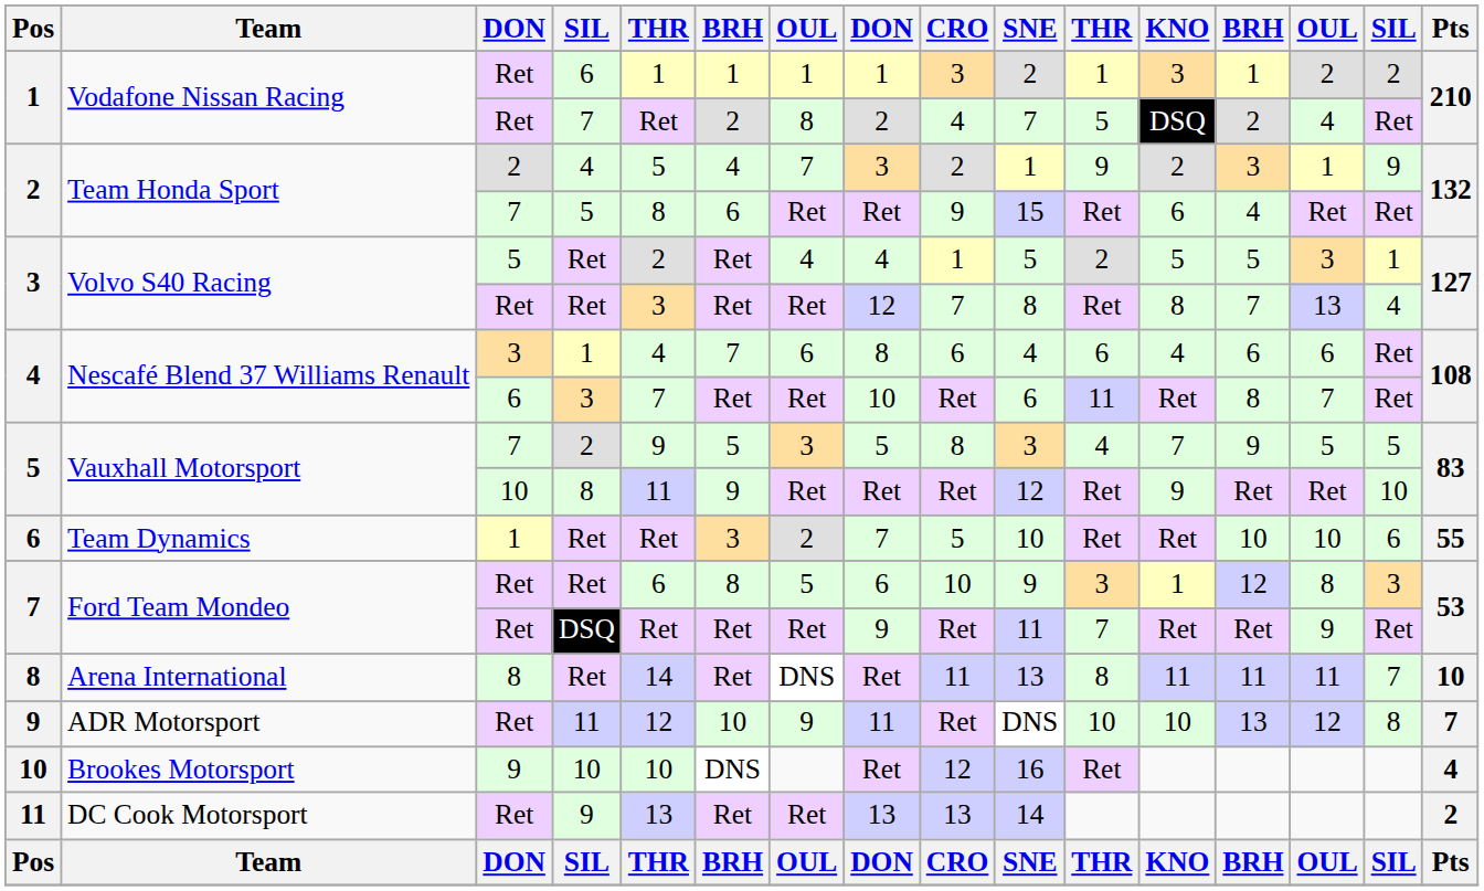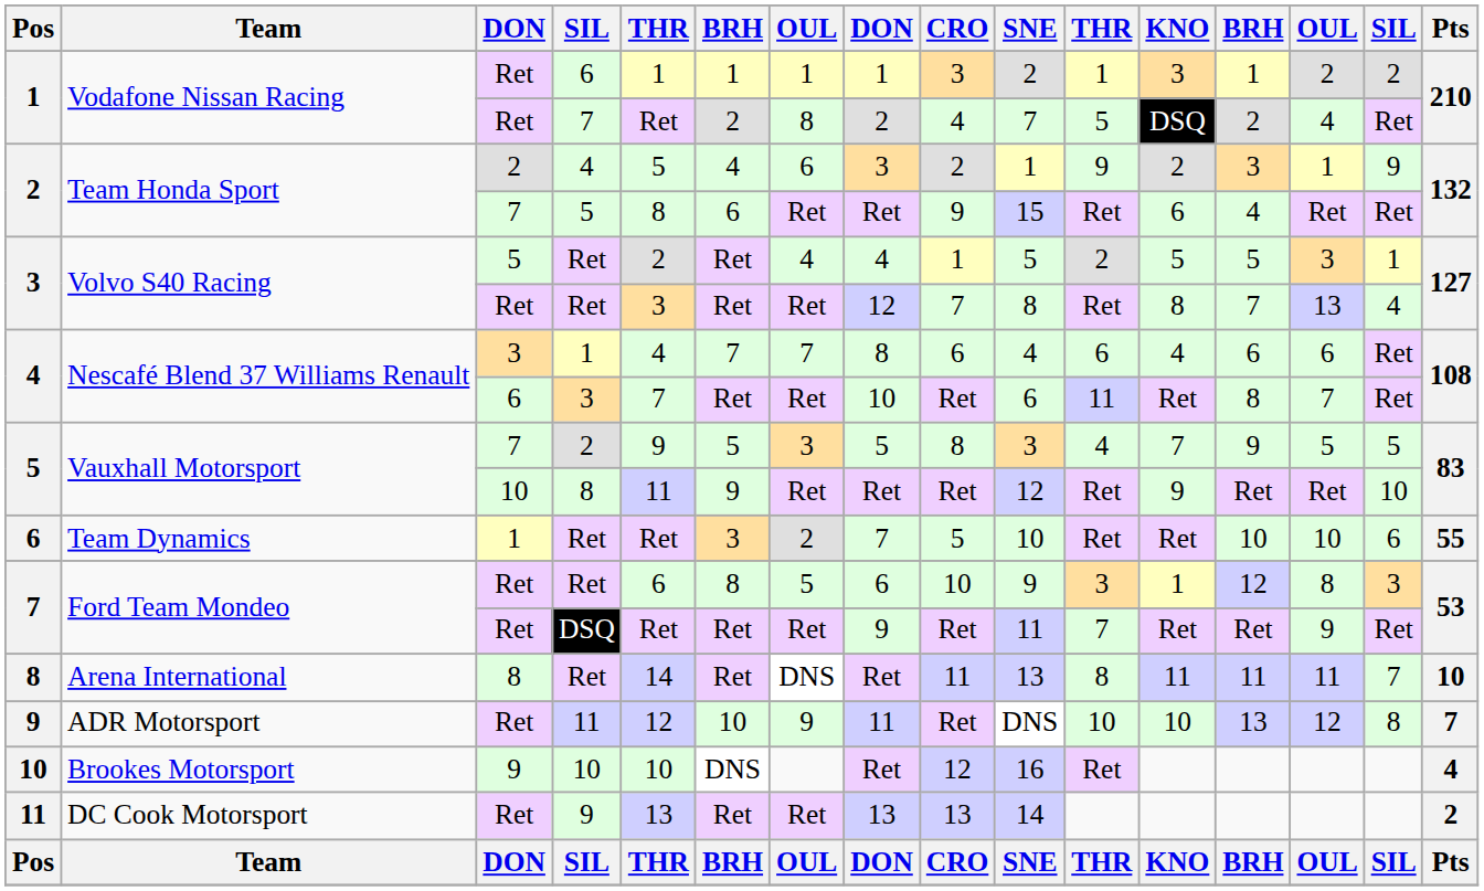 <table class="wikitable" style="font-size: 85%; text-align: center;">
 <tr valign="top">
 <th valign="middle">Pos</th>
 <th valign="middle">Team</th>
 <th><a href='#'>DON</a></th>
 <th><a href='#'>SIL</a></th>
 <th><a href='#'>THR</a></th>
 <th><a href='#'>BRH</a></th>
 <th><a href='#'>OUL</a></th>
 <th><a href='#'>DON</a></th>
 <th><a href='#'>CRO</a></th>
 <th><a href='#'>SNE</a></th>
 <th><a href='#'>THR</a></th>
 <th><a href='#'>KNO</a></th>
 <th><a href='#'>BRH</a></th>
 <th><a href='#'>OUL</a></th>
 <th><a href='#'>SIL</a></th>
 <th valign=middle>Pts</th>
 </tr>
 <tr>
 <th rowspan=2>1</th>
 <td rowspan=2 align=left><a href='#'>Vodafone Nissan Racing</a></td>
 <td style="background-color:#EFCFFF">Ret</td>
 <td style="background-color:#dfffdf">6</td>
 <td style="background-color:#FFFFBF">1</td>
 <td style="background-color:#FFFFBF">1</td>
 <td style="background-color:#FFFFBF">1</td>
 <td style="background-color:#FFFFBF">1</td>
 <td style="background-color:#ffdf9f">3</td>
 <td style="background-color:#DFDFDF">2</td>
 <td style="background-color:#FFFFBF">1</td>
 <td style="background-color:#ffdf9f">3</td>
 <td style="background-color:#FFFFBF">1</td>
 <td style="background-color:#DFDFDF">2</td>
 <td style="background-color:#DFDFDF">2</td>
 <th rowspan=2>210</th>
 </tr>
 <tr>
 <td style="background-color:#EFCFFF">Ret</td>
 <td style="background-color:#dfffdf">7</td>
 <td style="background-color:#EFCFFF">Ret</td>
 <td style="background-color:#DFDFDF">2</td>
 <td style="background-color:#dfffdf">8</td>
 <td style="background-color:#DFDFDF">2</td>
 <td style="background-color:#dfffdf">4</td>
 <td style="background-color:#dfffdf">7</td>
 <td style="background-color:#dfffdf">5</td>
 <td style="background:#000000; color:white">DSQ</td>
 <td style="background-color:#DFDFDF">2</td>
 <td style="background-color:#dfffdf">4</td>
 <td style="background-color:#EFCFFF">Ret</td>
 </tr>
 <tr>
 <th rowspan=2>2</th>
 <td rowspan=2 align=left><a href='#'>Team Honda Sport</a></td>
 <td style="background-color:#DFDFDF">2</td>
 <td style="background-color:#dfffdf">4</td>
 <td style="background-color:#dfffdf">5</td>
 <td style="background-color:#dfffdf">4</td>
-<td style="background-color:#dfffdf">7</td>
+<td style="background-color:#dfffdf">6</td>
 <td style="background-color:#ffdf9f">3</td>
 <td style="background-color:#DFDFDF">2</td>
 <td style="background-color:#FFFFBF">1</td>
 <td style="background-color:#dfffdf">9</td>
 <td style="background-color:#DFDFDF">2</td>
 <td style="background-color:#ffdf9f">3</td>
 <td style="background-color:#FFFFBF">1</td>
 <td style="background-color:#dfffdf">9</td>
 <th rowspan=2>132</th>
 </tr>
 <tr>
 <td style="background-color:#dfffdf">7</td>
 <td style="background-color:#dfffdf">5</td>
 <td style="background-color:#dfffdf">8</td>
 <td style="background-color:#dfffdf">6</td>
 <td style="background-color:#EFCFFF">Ret</td>
 <td style="background-color:#EFCFFF">Ret</td>
 <td style="background-color:#dfffdf">9</td>
 <td style="background-color:#CFCFFF">15</td>
 <td style="background-color:#EFCFFF">Ret</td>
 <td style="background-color:#dfffdf">6</td>
 <td style="background-color:#dfffdf">4</td>
 <td style="background-color:#EFCFFF">Ret</td>
 <td style="background-color:#EFCFFF">Ret</td>
 </tr>
 <tr>
 <th rowspan=2>3</th>
 <td rowspan=2 align=left><a href='#'>Volvo S40 Racing</a></td>
 <td style="background-color:#dfffdf">5</td>
 <td style="background-color:#EFCFFF">Ret</td>
 <td style="background-color:#DFDFDF">2</td>
 <td style="background-color:#EFCFFF">Ret</td>
 <td style="background-color:#dfffdf">4</td>
 <td style="background-color:#dfffdf">4</td>
 <td style="background-color:#FFFFBF">1</td>
 <td style="background-color:#dfffdf">5</td>
 <td style="background-color:#DFDFDF">2</td>
 <td style="background-color:#dfffdf">5</td>
 <td style="background-color:#dfffdf">5</td>
 <td style="background-color:#ffdf9f">3</td>
 <td style="background-color:#FFFFBF">1</td>
 <th rowspan=2>127</th>
 </tr>
 <tr>
 <td style="background-color:#EFCFFF">Ret</td>
 <td style="background-color:#EFCFFF">Ret</td>
 <td style="background-color:#ffdf9f">3</td>
 <td style="background-color:#EFCFFF">Ret</td>
 <td style="background-color:#EFCFFF">Ret</td>
 <td style="background-color:#CFCFFF">12</td>
 <td style="background-color:#dfffdf">7</td>
 <td style="background-color:#dfffdf">8</td>
 <td style="background-color:#EFCFFF">Ret</td>
 <td style="background-color:#dfffdf">8</td>
 <td style="background-color:#dfffdf">7</td>
 <td style="background-color:#CFCFFF">13</td>
 <td style="background-color:#dfffdf">4</td>
 </tr>
 <tr>
 <th rowspan=2>4</th>
 <td rowspan=2 align=left nowrap><a href='#'>Nescafé Blend 37 Williams Renault</a></td>
 <td style="background-color:#ffdf9f">3</td>
 <td style="background-color:#FFFFBF">1</td>
 <td style="background-color:#dfffdf">4</td>
 <td style="background-color:#dfffdf">7</td>
-<td style="background-color:#dfffdf">6</td>
+<td style="background-color:#dfffdf">7</td>
 <td style="background-color:#dfffdf">8</td>
 <td style="background-color:#dfffdf">6</td>
 <td style="background-color:#dfffdf">4</td>
 <td style="background-color:#dfffdf">6</td>
 <td style="background-color:#dfffdf">4</td>
 <td style="background-color:#dfffdf">6</td>
 <td style="background-color:#dfffdf">6</td>
 <td style="background-color:#EFCFFF">Ret</td>
 <th rowspan=2>108</th>
 </tr>
 <tr>
 <td style="background-color:#dfffdf">6</td>
 <td style="background-color:#ffdf9f">3</td>
 <td style="background-color:#dfffdf">7</td>
 <td style="background-color:#EFCFFF">Ret</td>
 <td style="background-color:#EFCFFF">Ret</td>
 <td style="background-color:#dfffdf">10</td>
 <td style="background-color:#EFCFFF">Ret</td>
 <td style="background-color:#dfffdf">6</td>
 <td style="background-color:#CFCFFF">11</td>
 <td style="background-color:#EFCFFF">Ret</td>
 <td style="background-color:#dfffdf">8</td>
 <td style="background-color:#dfffdf">7</td>
 <td style="background-color:#EFCFFF">Ret</td>
 </tr>
 <tr>
 <th rowspan=2>5</th>
 <td rowspan=2 align=left><a href='#'>Vauxhall Motorsport</a></td>
 <td style="background-color:#dfffdf">7</td>
 <td style="background-color:#DFDFDF">2</td>
 <td style="background-color:#dfffdf">9</td>
 <td style="background-color:#dfffdf">5</td>
 <td style="background-color:#ffdf9f">3</td>
 <td style="background-color:#dfffdf">5</td>
 <td style="background-color:#dfffdf">8</td>
 <td style="background-color:#ffdf9f">3</td>
 <td style="background-color:#dfffdf">4</td>
 <td style="background-color:#dfffdf">7</td>
 <td style="background-color:#dfffdf">9</td>
 <td style="background-color:#dfffdf">5</td>
 <td style="background-color:#dfffdf">5</td>
 <th rowspan=2>83</th>
 </tr>
 <tr>
 <td style="background-color:#dfffdf">10</td>
 <td style="background-color:#dfffdf">8</td>
 <td style="background-color:#CFCFFF">11</td>
 <td style="background-color:#dfffdf">9</td>
 <td style="background-color:#EFCFFF">Ret</td>
 <td style="background-color:#EFCFFF">Ret</td>
 <td style="background-color:#EFCFFF">Ret</td>
 <td style="background-color:#CFCFFF">12</td>
 <td style="background-color:#EFCFFF">Ret</td>
 <td style="background-color:#dfffdf">9</td>
 <td style="background-color:#EFCFFF">Ret</td>
 <td style="background-color:#EFCFFF">Ret</td>
 <td style="background-color:#dfffdf">10</td>
 </tr>
 <tr>
 <th>6</th>
 <td align=left><a href='#'>Team Dynamics</a></td>
 <td style="background-color:#FFFFBF">1</td>
 <td style="background-color:#EFCFFF">Ret</td>
 <td style="background-color:#EFCFFF">Ret</td>
 <td style="background-color:#ffdf9f">3</td>
 <td style="background-color:#DFDFDF">2</td>
 <td style="background-color:#dfffdf">7</td>
 <td style="background-color:#dfffdf">5</td>
 <td style="background-color:#dfffdf">10</td>
 <td style="background-color:#EFCFFF">Ret</td>
 <td style="background-color:#EFCFFF">Ret</td>
 <td style="background-color:#dfffdf">10</td>
 <td style="background-color:#dfffdf">10</td>
 <td style="background-color:#dfffdf">6</td>
 <th>55</th>
 </tr>
 <tr>
 <th rowspan=2>7</th>
 <td rowspan=2 align=left><a href='#'>Ford Team Mondeo</a></td>
 <td style="background-color:#EFCFFF">Ret</td>
 <td style="background-color:#EFCFFF">Ret</td>
 <td style="background-color:#dfffdf">6</td>
 <td style="background-color:#dfffdf">8</td>
 <td style="background-color:#dfffdf">5</td>
 <td style="background-color:#dfffdf">6</td>
 <td style="background-color:#dfffdf">10</td>
 <td style="background-color:#dfffdf">9</td>
 <td style="background-color:#ffdf9f">3</td>
 <td style="background-color:#FFFFBF">1</td>
 <td style="background-color:#CFCFFF">12</td>
 <td style="background-color:#dfffdf">8</td>
 <td style="background-color:#ffdf9f">3</td>
 <th rowspan=2>53</th>
 </tr>
 <tr>
 <td style="background-color:#EFCFFF">Ret</td>
 <td style="background:#000000; color:white">DSQ</td>
 <td style="background-color:#EFCFFF">Ret</td>
 <td style="background-color:#EFCFFF">Ret</td>
 <td style="background-color:#EFCFFF">Ret</td>
 <td style="background-color:#dfffdf">9</td>
 <td style="background-color:#EFCFFF">Ret</td>
 <td style="background-color:#CFCFFF">11</td>
 <td style="background-color:#dfffdf">7</td>
 <td style="background-color:#EFCFFF">Ret</td>
 <td style="background-color:#EFCFFF">Ret</td>
 <td style="background-color:#dfffdf">9</td>
 <td style="background-color:#EFCFFF">Ret</td>
 </tr>
 <tr>
 <th>8</th>
 <td align=left><a href='#'>Arena International</a></td>
 <td style="background-color:#dfffdf">8</td>
 <td style="background-color:#EFCFFF">Ret</td>
 <td style="background-color:#CFCFFF">14</td>
 <td style="background-color:#EFCFFF">Ret</td>
 <td style="background-color:white">DNS</td>
 <td style="background-color:#EFCFFF">Ret</td>
 <td style="background-color:#CFCFFF">11</td>
 <td style="background-color:#CFCFFF">13</td>
 <td style="background-color:#dfffdf">8</td>
 <td style="background-color:#CFCFFF">11</td>
 <td style="background-color:#CFCFFF">11</td>
 <td style="background-color:#CFCFFF">11</td>
 <td style="background-color:#dfffdf">7</td>
 <th>10</th>
 </tr>
 <tr>
 <th>9</th>
 <td align=left>ADR Motorsport</td>
 <td style="background-color:#EFCFFF">Ret</td>
 <td style="background-color:#CFCFFF">11</td>
 <td style="background-color:#CFCFFF">12</td>
 <td style="background-color:#dfffdf">10</td>
 <td style="background-color:#dfffdf">9</td>
 <td style="background-color:#CFCFFF">11</td>
 <td style="background-color:#EFCFFF">Ret</td>
 <td style="background-color:white">DNS</td>
 <td style="background-color:#dfffdf">10</td>
 <td style="background-color:#dfffdf">10</td>
 <td style="background-color:#CFCFFF">13</td>
 <td style="background-color:#CFCFFF">12</td>
 <td style="background-color:#dfffdf">8</td>
 <th>7</th>
 </tr>
 <tr>
 <th>10</th>
 <td align=left><a href='#'>Brookes Motorsport</a></td>
 <td style="background-color:#dfffdf">9</td>
 <td style="background-color:#dfffdf">10</td>
 <td style="background-color:#dfffdf">10</td>
 <td style="background-color:white">DNS</td>
 <td></td>
 <td style="background-color:#EFCFFF">Ret</td>
 <td style="background-color:#CFCFFF">12</td>
 <td style="background-color:#CFCFFF">16</td>
 <td style="background-color:#EFCFFF">Ret</td>
 <td></td>
 <td></td>
 <td></td>
 <td></td>
 <th>4</th>
 </tr>
 <tr>
 <th>11</th>
 <td align=left>DC Cook Motorsport</td>
 <td style="background-color:#EFCFFF">Ret</td>
 <td style="background-color:#dfffdf">9</td>
 <td style="background-color:#CFCFFF">13</td>
 <td style="background-color:#EFCFFF">Ret</td>
 <td style="background-color:#EFCFFF">Ret</td>
 <td style="background-color:#CFCFFF">13</td>
 <td style="background-color:#CFCFFF">13</td>
 <td style="background-color:#CFCFFF">14</td>
 <td></td>
 <td></td>
 <td></td>
 <td></td>
 <td></td>
 <th>2</th>
 </tr>
 <tr>
 <th valign="middle">Pos</th>
 <th valign="middle">Team</th>
 <th><a href='#'>DON</a></th>
 <th><a href='#'>SIL</a></th>
 <th><a href='#'>THR</a></th>
 <th><a href='#'>BRH</a></th>
 <th><a href='#'>OUL</a></th>
 <th><a href='#'>DON</a></th>
 <th><a href='#'>CRO</a></th>
 <th><a href='#'>SNE</a></th>
 <th><a href='#'>THR</a></th>
 <th><a href='#'>KNO</a></th>
 <th><a href='#'>BRH</a></th>
 <th><a href='#'>OUL</a></th>
 <th><a href='#'>SIL</a></th>
 <th valign=middle>Pts</th>
 </tr>
 <tr>
 </tr>
 </table>
